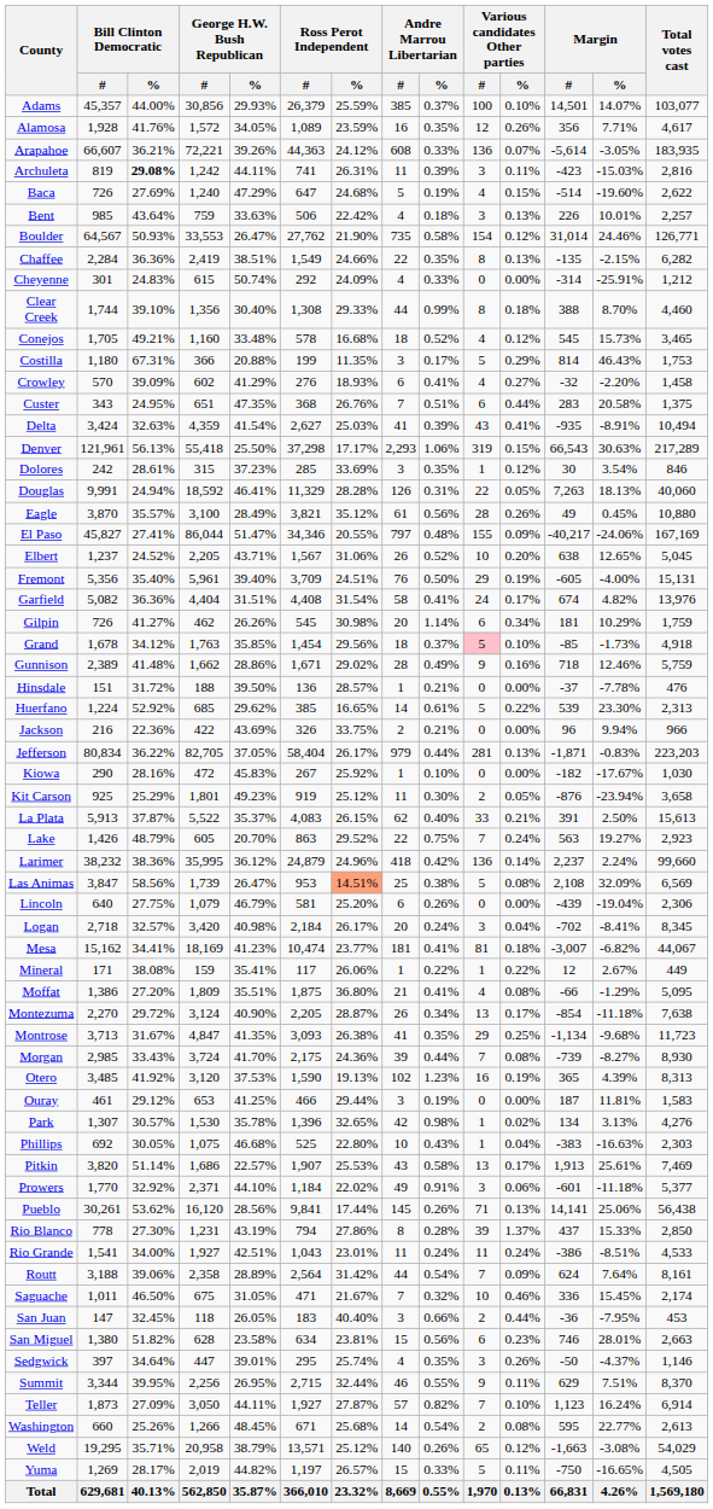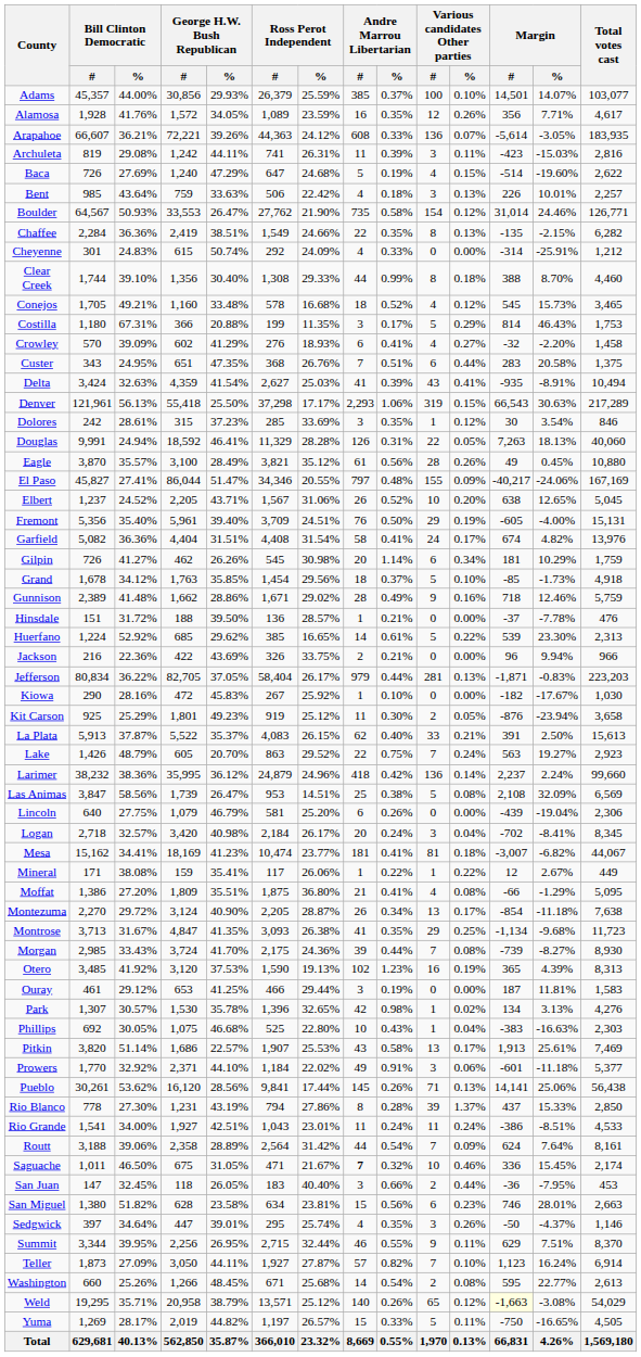 <table width="60%"  class="wikitable sortable" style="text-align:center">
 <tr>
 <th style="text-align:center;" rowspan="2">County</th>
 <th style="text-align:center;" colspan="2">Bill Clinton<br>Democratic</th>
 <th style="text-align:center;" colspan="2">George H.W. Bush<br>Republican</th>
 <th style="text-align:center;" colspan="2">Ross Perot<br>Independent</th>
 <th style="text-align:center;" colspan="2">Andre Marrou<br>Libertarian</th>
 <th style="text-align:center;" colspan="2">Various candidates<br>Other parties</th>
 <th style="text-align:center;" colspan="2">Margin</th>
 <th style="text-align:center;" rowspan="2">Total votes cast</th>
 </tr>
 <tr>
 <th data-sort-type="number">#</th>
 <th data-sort-type="number">%</th>
 <th data-sort-type="number">#</th>
 <th data-sort-type="number">%</th>
 <th data-sort-type="number">#</th>
 <th data-sort-type="number">%</th>
 <th data-sort-type="number">#</th>
 <th data-sort-type="number">%</th>
 <th data-sort-type="number">#</th>
 <th data-sort-type="number">%</th>
 <th data-sort-type="number">#</th>
 <th data-sort-type="number">%</th>
 </tr>
 <tr style="text-align:center;">
 <td><a href='#'>Adams</a></td>
 <td>45,357</td>
 <td>44.00%</td>
 <td>30,856</td>
 <td>29.93%</td>
 <td>26,379</td>
 <td>25.59%</td>
 <td>385</td>
 <td>0.37%</td>
 <td>100</td>
 <td>0.10%</td>
 <td>14,501</td>
 <td>14.07%</td>
 <td>103,077</td>
 </tr>
 <tr style="text-align:center;">
 <td><a href='#'>Alamosa</a></td>
 <td>1,928</td>
 <td>41.76%</td>
 <td>1,572</td>
 <td>34.05%</td>
 <td>1,089</td>
 <td>23.59%</td>
 <td>16</td>
 <td>0.35%</td>
 <td>12</td>
 <td>0.26%</td>
 <td>356</td>
 <td>7.71%</td>
 <td>4,617</td>
 </tr>
 <tr style="text-align:center;">
 <td><a href='#'>Arapahoe</a></td>
 <td>66,607</td>
 <td>36.21%</td>
 <td>72,221</td>
 <td>39.26%</td>
 <td>44,363</td>
 <td>24.12%</td>
 <td>608</td>
 <td>0.33%</td>
 <td>136</td>
 <td>0.07%</td>
 <td>-5,614</td>
 <td>-3.05%</td>
 <td>183,935</td>
 </tr>
 <tr style="text-align:center;">
 <td><a href='#'>Archuleta</a></td>
 <td>819</td>
-<td><strong>29.08%</strong></td>
+<td>29.08%</td>
 <td>1,242</td>
 <td>44.11%</td>
 <td>741</td>
 <td>26.31%</td>
 <td>11</td>
 <td>0.39%</td>
 <td>3</td>
 <td>0.11%</td>
 <td>-423</td>
 <td>-15.03%</td>
 <td>2,816</td>
 </tr>
 <tr style="text-align:center;">
 <td><a href='#'>Baca</a></td>
 <td>726</td>
 <td>27.69%</td>
 <td>1,240</td>
 <td>47.29%</td>
 <td>647</td>
 <td>24.68%</td>
 <td>5</td>
 <td>0.19%</td>
 <td>4</td>
 <td>0.15%</td>
 <td>-514</td>
 <td>-19.60%</td>
 <td>2,622</td>
 </tr>
 <tr style="text-align:center;">
 <td><a href='#'>Bent</a></td>
 <td>985</td>
 <td>43.64%</td>
 <td>759</td>
 <td>33.63%</td>
 <td>506</td>
 <td>22.42%</td>
 <td>4</td>
 <td>0.18%</td>
 <td>3</td>
 <td>0.13%</td>
 <td>226</td>
 <td>10.01%</td>
 <td>2,257</td>
 </tr>
 <tr style="text-align:center;">
 <td><a href='#'>Boulder</a></td>
 <td>64,567</td>
 <td>50.93%</td>
 <td>33,553</td>
 <td>26.47%</td>
 <td>27,762</td>
 <td>21.90%</td>
 <td>735</td>
 <td>0.58%</td>
 <td>154</td>
 <td>0.12%</td>
 <td>31,014</td>
 <td>24.46%</td>
 <td>126,771</td>
 </tr>
 <tr style="text-align:center;">
 <td><a href='#'>Chaffee</a></td>
 <td>2,284</td>
 <td>36.36%</td>
 <td>2,419</td>
 <td>38.51%</td>
 <td>1,549</td>
 <td>24.66%</td>
 <td>22</td>
 <td>0.35%</td>
 <td>8</td>
 <td>0.13%</td>
 <td>-135</td>
 <td>-2.15%</td>
 <td>6,282</td>
 </tr>
 <tr style="text-align:center;">
 <td><a href='#'>Cheyenne</a></td>
 <td>301</td>
 <td>24.83%</td>
 <td>615</td>
 <td>50.74%</td>
 <td>292</td>
 <td>24.09%</td>
 <td>4</td>
 <td>0.33%</td>
 <td>0</td>
 <td>0.00%</td>
 <td>-314</td>
 <td>-25.91%</td>
 <td>1,212</td>
 </tr>
 <tr style="text-align:center;">
 <td><a href='#'>Clear Creek</a></td>
 <td>1,744</td>
 <td>39.10%</td>
 <td>1,356</td>
 <td>30.40%</td>
 <td>1,308</td>
 <td>29.33%</td>
 <td>44</td>
 <td>0.99%</td>
 <td>8</td>
 <td>0.18%</td>
 <td>388</td>
 <td>8.70%</td>
 <td>4,460</td>
 </tr>
 <tr style="text-align:center;">
 <td><a href='#'>Conejos</a></td>
 <td>1,705</td>
 <td>49.21%</td>
 <td>1,160</td>
 <td>33.48%</td>
 <td>578</td>
 <td>16.68%</td>
 <td>18</td>
 <td>0.52%</td>
 <td>4</td>
 <td>0.12%</td>
 <td>545</td>
 <td>15.73%</td>
 <td>3,465</td>
 </tr>
 <tr style="text-align:center;">
 <td><a href='#'>Costilla</a></td>
 <td>1,180</td>
 <td>67.31%</td>
 <td>366</td>
 <td>20.88%</td>
 <td>199</td>
 <td>11.35%</td>
 <td>3</td>
 <td>0.17%</td>
 <td>5</td>
 <td>0.29%</td>
 <td>814</td>
 <td>46.43%</td>
 <td>1,753</td>
 </tr>
 <tr style="text-align:center;">
 <td><a href='#'>Crowley</a></td>
 <td>570</td>
 <td>39.09%</td>
 <td>602</td>
 <td>41.29%</td>
 <td>276</td>
 <td>18.93%</td>
 <td>6</td>
 <td>0.41%</td>
 <td>4</td>
 <td>0.27%</td>
 <td>-32</td>
 <td>-2.20%</td>
 <td>1,458</td>
 </tr>
 <tr style="text-align:center;">
 <td><a href='#'>Custer</a></td>
 <td>343</td>
 <td>24.95%</td>
 <td>651</td>
 <td>47.35%</td>
 <td>368</td>
 <td>26.76%</td>
 <td>7</td>
 <td>0.51%</td>
 <td>6</td>
 <td>0.44%</td>
 <td>283</td>
 <td>20.58%</td>
 <td>1,375</td>
 </tr>
 <tr style="text-align:center;">
 <td><a href='#'>Delta</a></td>
 <td>3,424</td>
 <td>32.63%</td>
 <td>4,359</td>
 <td>41.54%</td>
 <td>2,627</td>
 <td>25.03%</td>
 <td>41</td>
 <td>0.39%</td>
 <td>43</td>
 <td>0.41%</td>
 <td>-935</td>
 <td>-8.91%</td>
 <td>10,494</td>
 </tr>
 <tr style="text-align:center;">
 <td><a href='#'>Denver</a></td>
 <td>121,961</td>
 <td>56.13%</td>
 <td>55,418</td>
 <td>25.50%</td>
 <td>37,298</td>
 <td>17.17%</td>
 <td>2,293</td>
 <td>1.06%</td>
 <td>319</td>
 <td>0.15%</td>
 <td>66,543</td>
 <td>30.63%</td>
 <td>217,289</td>
 </tr>
 <tr style="text-align:center;">
 <td><a href='#'>Dolores</a></td>
 <td>242</td>
 <td>28.61%</td>
 <td>315</td>
 <td>37.23%</td>
 <td>285</td>
 <td>33.69%</td>
 <td>3</td>
 <td>0.35%</td>
 <td>1</td>
 <td>0.12%</td>
 <td>30</td>
 <td>3.54%</td>
 <td>846</td>
 </tr>
 <tr style="text-align:center;">
 <td><a href='#'>Douglas</a></td>
 <td>9,991</td>
 <td>24.94%</td>
 <td>18,592</td>
 <td>46.41%</td>
 <td>11,329</td>
 <td>28.28%</td>
 <td>126</td>
 <td>0.31%</td>
 <td>22</td>
 <td>0.05%</td>
 <td>7,263</td>
 <td>18.13%</td>
 <td>40,060</td>
 </tr>
 <tr style="text-align:center;">
 <td><a href='#'>Eagle</a></td>
 <td>3,870</td>
 <td>35.57%</td>
 <td>3,100</td>
 <td>28.49%</td>
 <td>3,821</td>
 <td>35.12%</td>
 <td>61</td>
 <td>0.56%</td>
 <td>28</td>
 <td>0.26%</td>
 <td>49</td>
 <td>0.45%</td>
 <td>10,880</td>
 </tr>
 <tr style="text-align:center;">
 <td><a href='#'>El Paso</a></td>
 <td>45,827</td>
 <td>27.41%</td>
 <td>86,044</td>
 <td>51.47%</td>
 <td>34,346</td>
 <td>20.55%</td>
 <td>797</td>
 <td>0.48%</td>
 <td>155</td>
 <td>0.09%</td>
 <td>-40,217</td>
 <td>-24.06%</td>
 <td>167,169</td>
 </tr>
 <tr style="text-align:center;">
 <td><a href='#'>Elbert</a></td>
 <td>1,237</td>
 <td>24.52%</td>
 <td>2,205</td>
 <td>43.71%</td>
 <td>1,567</td>
 <td>31.06%</td>
 <td>26</td>
 <td>0.52%</td>
 <td>10</td>
 <td>0.20%</td>
 <td>638</td>
 <td>12.65%</td>
 <td>5,045</td>
 </tr>
 <tr style="text-align:center;">
 <td><a href='#'>Fremont</a></td>
 <td>5,356</td>
 <td>35.40%</td>
 <td>5,961</td>
 <td>39.40%</td>
 <td>3,709</td>
 <td>24.51%</td>
 <td>76</td>
 <td>0.50%</td>
 <td>29</td>
 <td>0.19%</td>
 <td>-605</td>
 <td>-4.00%</td>
 <td>15,131</td>
 </tr>
 <tr style="text-align:center;">
 <td><a href='#'>Garfield</a></td>
 <td>5,082</td>
 <td>36.36%</td>
 <td>4,404</td>
 <td>31.51%</td>
 <td>4,408</td>
 <td>31.54%</td>
 <td>58</td>
 <td>0.41%</td>
 <td>24</td>
 <td>0.17%</td>
 <td>674</td>
 <td>4.82%</td>
 <td>13,976</td>
 </tr>
 <tr style="text-align:center;">
 <td><a href='#'>Gilpin</a></td>
 <td>726</td>
 <td>41.27%</td>
 <td>462</td>
 <td>26.26%</td>
 <td>545</td>
 <td>30.98%</td>
 <td>20</td>
 <td>1.14%</td>
 <td>6</td>
 <td>0.34%</td>
 <td>181</td>
 <td>10.29%</td>
 <td>1,759</td>
 </tr>
 <tr style="text-align:center;">
 <td><a href='#'>Grand</a></td>
 <td>1,678</td>
 <td>34.12%</td>
 <td>1,763</td>
 <td>35.85%</td>
 <td>1,454</td>
 <td>29.56%</td>
 <td>18</td>
 <td>0.37%</td>
-<td style="background: pink;">5</td>
+<td>5</td>
 <td>0.10%</td>
 <td>-85</td>
 <td>-1.73%</td>
 <td>4,918</td>
 </tr>
 <tr style="text-align:center;">
 <td><a href='#'>Gunnison</a></td>
 <td>2,389</td>
 <td>41.48%</td>
 <td>1,662</td>
 <td>28.86%</td>
 <td>1,671</td>
 <td>29.02%</td>
 <td>28</td>
 <td>0.49%</td>
 <td>9</td>
 <td>0.16%</td>
 <td>718</td>
 <td>12.46%</td>
 <td>5,759</td>
 </tr>
 <tr style="text-align:center;">
 <td><a href='#'>Hinsdale</a></td>
 <td>151</td>
 <td>31.72%</td>
 <td>188</td>
 <td>39.50%</td>
 <td>136</td>
 <td>28.57%</td>
 <td>1</td>
 <td>0.21%</td>
 <td>0</td>
 <td>0.00%</td>
 <td>-37</td>
 <td>-7.78%</td>
 <td>476</td>
 </tr>
 <tr style="text-align:center;">
 <td><a href='#'>Huerfano</a></td>
 <td>1,224</td>
 <td>52.92%</td>
 <td>685</td>
 <td>29.62%</td>
 <td>385</td>
 <td>16.65%</td>
 <td>14</td>
 <td>0.61%</td>
 <td>5</td>
 <td>0.22%</td>
 <td>539</td>
 <td>23.30%</td>
 <td>2,313</td>
 </tr>
 <tr style="text-align:center;">
 <td><a href='#'>Jackson</a></td>
 <td>216</td>
 <td>22.36%</td>
 <td>422</td>
 <td>43.69%</td>
 <td>326</td>
 <td>33.75%</td>
 <td>2</td>
 <td>0.21%</td>
 <td>0</td>
 <td>0.00%</td>
 <td>96</td>
 <td>9.94%</td>
 <td>966</td>
 </tr>
 <tr style="text-align:center;">
 <td><a href='#'>Jefferson</a></td>
 <td>80,834</td>
 <td>36.22%</td>
 <td>82,705</td>
 <td>37.05%</td>
 <td>58,404</td>
 <td>26.17%</td>
 <td>979</td>
 <td>0.44%</td>
 <td>281</td>
 <td>0.13%</td>
 <td>-1,871</td>
 <td>-0.83%</td>
 <td>223,203</td>
 </tr>
 <tr style="text-align:center;">
 <td><a href='#'>Kiowa</a></td>
 <td>290</td>
 <td>28.16%</td>
 <td>472</td>
 <td>45.83%</td>
 <td>267</td>
 <td>25.92%</td>
 <td>1</td>
 <td>0.10%</td>
 <td>0</td>
 <td>0.00%</td>
 <td>-182</td>
 <td>-17.67%</td>
 <td>1,030</td>
 </tr>
 <tr style="text-align:center;">
 <td><a href='#'>Kit Carson</a></td>
 <td>925</td>
 <td>25.29%</td>
 <td>1,801</td>
 <td>49.23%</td>
 <td>919</td>
 <td>25.12%</td>
 <td>11</td>
 <td>0.30%</td>
 <td>2</td>
 <td>0.05%</td>
 <td>-876</td>
 <td>-23.94%</td>
 <td>3,658</td>
 </tr>
 <tr style="text-align:center;">
 <td><a href='#'>La Plata</a></td>
 <td>5,913</td>
 <td>37.87%</td>
 <td>5,522</td>
 <td>35.37%</td>
 <td>4,083</td>
 <td>26.15%</td>
 <td>62</td>
 <td>0.40%</td>
 <td>33</td>
 <td>0.21%</td>
 <td>391</td>
 <td>2.50%</td>
 <td>15,613</td>
 </tr>
 <tr style="text-align:center;">
 <td><a href='#'>Lake</a></td>
 <td>1,426</td>
 <td>48.79%</td>
 <td>605</td>
 <td>20.70%</td>
 <td>863</td>
 <td>29.52%</td>
 <td>22</td>
 <td>0.75%</td>
 <td>7</td>
 <td>0.24%</td>
 <td>563</td>
 <td>19.27%</td>
 <td>2,923</td>
 </tr>
 <tr style="text-align:center;">
 <td><a href='#'>Larimer</a></td>
 <td>38,232</td>
 <td>38.36%</td>
 <td>35,995</td>
 <td>36.12%</td>
 <td>24,879</td>
 <td>24.96%</td>
 <td>418</td>
 <td>0.42%</td>
 <td>136</td>
 <td>0.14%</td>
 <td>2,237</td>
 <td>2.24%</td>
 <td>99,660</td>
 </tr>
 <tr style="text-align:center;">
 <td><a href='#'>Las Animas</a></td>
 <td>3,847</td>
 <td>58.56%</td>
 <td>1,739</td>
 <td>26.47%</td>
 <td>953</td>
-<td style="background: lightsalmon;">14.51%</td>
+<td>14.51%</td>
 <td>25</td>
 <td>0.38%</td>
 <td>5</td>
 <td>0.08%</td>
 <td>2,108</td>
 <td>32.09%</td>
 <td>6,569</td>
 </tr>
 <tr style="text-align:center;">
 <td><a href='#'>Lincoln</a></td>
 <td>640</td>
 <td>27.75%</td>
 <td>1,079</td>
 <td>46.79%</td>
 <td>581</td>
 <td>25.20%</td>
 <td>6</td>
 <td>0.26%</td>
 <td>0</td>
 <td>0.00%</td>
 <td>-439</td>
 <td>-19.04%</td>
 <td>2,306</td>
 </tr>
 <tr style="text-align:center;">
 <td><a href='#'>Logan</a></td>
 <td>2,718</td>
 <td>32.57%</td>
 <td>3,420</td>
 <td>40.98%</td>
 <td>2,184</td>
 <td>26.17%</td>
 <td>20</td>
 <td>0.24%</td>
 <td>3</td>
 <td>0.04%</td>
 <td>-702</td>
 <td>-8.41%</td>
 <td>8,345</td>
 </tr>
 <tr style="text-align:center;">
 <td><a href='#'>Mesa</a></td>
 <td>15,162</td>
 <td>34.41%</td>
 <td>18,169</td>
 <td>41.23%</td>
 <td>10,474</td>
 <td>23.77%</td>
 <td>181</td>
 <td>0.41%</td>
 <td>81</td>
 <td>0.18%</td>
 <td>-3,007</td>
 <td>-6.82%</td>
 <td>44,067</td>
 </tr>
 <tr style="text-align:center;">
 <td><a href='#'>Mineral</a></td>
 <td>171</td>
 <td>38.08%</td>
 <td>159</td>
 <td>35.41%</td>
 <td>117</td>
 <td>26.06%</td>
 <td>1</td>
 <td>0.22%</td>
 <td>1</td>
 <td>0.22%</td>
 <td>12</td>
 <td>2.67%</td>
 <td>449</td>
 </tr>
 <tr style="text-align:center;">
 <td><a href='#'>Moffat</a></td>
 <td>1,386</td>
 <td>27.20%</td>
 <td>1,809</td>
 <td>35.51%</td>
 <td>1,875</td>
 <td>36.80%</td>
 <td>21</td>
 <td>0.41%</td>
 <td>4</td>
 <td>0.08%</td>
 <td>-66</td>
 <td>-1.29%</td>
 <td>5,095</td>
 </tr>
 <tr style="text-align:center;">
 <td><a href='#'>Montezuma</a></td>
 <td>2,270</td>
 <td>29.72%</td>
 <td>3,124</td>
 <td>40.90%</td>
 <td>2,205</td>
 <td>28.87%</td>
 <td>26</td>
 <td>0.34%</td>
 <td>13</td>
 <td>0.17%</td>
 <td>-854</td>
 <td>-11.18%</td>
 <td>7,638</td>
 </tr>
 <tr style="text-align:center;">
 <td><a href='#'>Montrose</a></td>
 <td>3,713</td>
 <td>31.67%</td>
 <td>4,847</td>
 <td>41.35%</td>
 <td>3,093</td>
 <td>26.38%</td>
 <td>41</td>
 <td>0.35%</td>
 <td>29</td>
 <td>0.25%</td>
 <td>-1,134</td>
 <td>-9.68%</td>
 <td>11,723</td>
 </tr>
 <tr style="text-align:center;">
 <td><a href='#'>Morgan</a></td>
 <td>2,985</td>
 <td>33.43%</td>
 <td>3,724</td>
 <td>41.70%</td>
 <td>2,175</td>
 <td>24.36%</td>
 <td>39</td>
 <td>0.44%</td>
 <td>7</td>
 <td>0.08%</td>
 <td>-739</td>
 <td>-8.27%</td>
 <td>8,930</td>
 </tr>
 <tr style="text-align:center;">
 <td><a href='#'>Otero</a></td>
 <td>3,485</td>
 <td>41.92%</td>
 <td>3,120</td>
 <td>37.53%</td>
 <td>1,590</td>
 <td>19.13%</td>
 <td>102</td>
 <td>1.23%</td>
 <td>16</td>
 <td>0.19%</td>
 <td>365</td>
 <td>4.39%</td>
 <td>8,313</td>
 </tr>
 <tr style="text-align:center;">
 <td><a href='#'>Ouray</a></td>
 <td>461</td>
 <td>29.12%</td>
 <td>653</td>
 <td>41.25%</td>
 <td>466</td>
 <td>29.44%</td>
 <td>3</td>
 <td>0.19%</td>
 <td>0</td>
 <td>0.00%</td>
 <td>187</td>
 <td>11.81%</td>
 <td>1,583</td>
 </tr>
 <tr style="text-align:center;">
 <td><a href='#'>Park</a></td>
 <td>1,307</td>
 <td>30.57%</td>
 <td>1,530</td>
 <td>35.78%</td>
 <td>1,396</td>
 <td>32.65%</td>
 <td>42</td>
 <td>0.98%</td>
 <td>1</td>
 <td>0.02%</td>
 <td>134</td>
 <td>3.13%</td>
 <td>4,276</td>
 </tr>
 <tr style="text-align:center;">
 <td><a href='#'>Phillips</a></td>
 <td>692</td>
 <td>30.05%</td>
 <td>1,075</td>
 <td>46.68%</td>
 <td>525</td>
 <td>22.80%</td>
 <td>10</td>
 <td>0.43%</td>
 <td>1</td>
 <td>0.04%</td>
 <td>-383</td>
 <td>-16.63%</td>
 <td>2,303</td>
 </tr>
 <tr style="text-align:center;">
 <td><a href='#'>Pitkin</a></td>
 <td>3,820</td>
 <td>51.14%</td>
 <td>1,686</td>
 <td>22.57%</td>
 <td>1,907</td>
 <td>25.53%</td>
 <td>43</td>
 <td>0.58%</td>
 <td>13</td>
 <td>0.17%</td>
 <td>1,913</td>
 <td>25.61%</td>
 <td>7,469</td>
 </tr>
 <tr style="text-align:center;">
 <td><a href='#'>Prowers</a></td>
 <td>1,770</td>
 <td>32.92%</td>
 <td>2,371</td>
 <td>44.10%</td>
 <td>1,184</td>
 <td>22.02%</td>
 <td>49</td>
 <td>0.91%</td>
 <td>3</td>
 <td>0.06%</td>
 <td>-601</td>
 <td>-11.18%</td>
 <td>5,377</td>
 </tr>
 <tr style="text-align:center;">
 <td><a href='#'>Pueblo</a></td>
 <td>30,261</td>
 <td>53.62%</td>
 <td>16,120</td>
 <td>28.56%</td>
 <td>9,841</td>
 <td>17.44%</td>
 <td>145</td>
 <td>0.26%</td>
 <td>71</td>
 <td>0.13%</td>
 <td>14,141</td>
 <td>25.06%</td>
 <td>56,438</td>
 </tr>
 <tr style="text-align:center;">
 <td><a href='#'>Rio Blanco</a></td>
 <td>778</td>
 <td>27.30%</td>
 <td>1,231</td>
 <td>43.19%</td>
 <td>794</td>
 <td>27.86%</td>
 <td>8</td>
 <td>0.28%</td>
 <td>39</td>
 <td>1.37%</td>
 <td>437</td>
 <td>15.33%</td>
 <td>2,850</td>
 </tr>
 <tr style="text-align:center;">
 <td><a href='#'>Rio Grande</a></td>
 <td>1,541</td>
 <td>34.00%</td>
 <td>1,927</td>
 <td>42.51%</td>
 <td>1,043</td>
 <td>23.01%</td>
 <td>11</td>
 <td>0.24%</td>
 <td>11</td>
 <td>0.24%</td>
 <td>-386</td>
 <td>-8.51%</td>
 <td>4,533</td>
 </tr>
 <tr style="text-align:center;">
 <td><a href='#'>Routt</a></td>
 <td>3,188</td>
 <td>39.06%</td>
 <td>2,358</td>
 <td>28.89%</td>
 <td>2,564</td>
 <td>31.42%</td>
 <td>44</td>
 <td>0.54%</td>
 <td>7</td>
 <td>0.09%</td>
 <td>624</td>
 <td>7.64%</td>
 <td>8,161</td>
 </tr>
 <tr style="text-align:center;">
 <td><a href='#'>Saguache</a></td>
 <td>1,011</td>
 <td>46.50%</td>
 <td>675</td>
 <td>31.05%</td>
 <td>471</td>
 <td>21.67%</td>
-<td>7</td>
+<td><strong>7</strong></td>
 <td>0.32%</td>
 <td>10</td>
 <td>0.46%</td>
 <td>336</td>
 <td>15.45%</td>
 <td>2,174</td>
 </tr>
 <tr style="text-align:center;">
 <td><a href='#'>San Juan</a></td>
 <td>147</td>
 <td>32.45%</td>
 <td>118</td>
 <td>26.05%</td>
 <td>183</td>
 <td>40.40%</td>
 <td>3</td>
 <td>0.66%</td>
 <td>2</td>
 <td>0.44%</td>
 <td>-36</td>
 <td>-7.95%</td>
 <td>453</td>
 </tr>
 <tr style="text-align:center;">
 <td><a href='#'>San Miguel</a></td>
 <td>1,380</td>
 <td>51.82%</td>
 <td>628</td>
 <td>23.58%</td>
 <td>634</td>
 <td>23.81%</td>
 <td>15</td>
 <td>0.56%</td>
 <td>6</td>
 <td>0.23%</td>
 <td>746</td>
 <td>28.01%</td>
 <td>2,663</td>
 </tr>
 <tr style="text-align:center;">
 <td><a href='#'>Sedgwick</a></td>
 <td>397</td>
 <td>34.64%</td>
 <td>447</td>
 <td>39.01%</td>
 <td>295</td>
 <td>25.74%</td>
 <td>4</td>
 <td>0.35%</td>
 <td>3</td>
 <td>0.26%</td>
 <td>-50</td>
 <td>-4.37%</td>
 <td>1,146</td>
 </tr>
 <tr style="text-align:center;">
 <td><a href='#'>Summit</a></td>
 <td>3,344</td>
 <td>39.95%</td>
 <td>2,256</td>
 <td>26.95%</td>
 <td>2,715</td>
 <td>32.44%</td>
 <td>46</td>
 <td>0.55%</td>
 <td>9</td>
 <td>0.11%</td>
 <td>629</td>
 <td>7.51%</td>
 <td>8,370</td>
 </tr>
 <tr style="text-align:center;">
 <td><a href='#'>Teller</a></td>
 <td>1,873</td>
 <td>27.09%</td>
 <td>3,050</td>
 <td>44.11%</td>
 <td>1,927</td>
 <td>27.87%</td>
 <td>57</td>
 <td>0.82%</td>
 <td>7</td>
 <td>0.10%</td>
 <td>1,123</td>
 <td>16.24%</td>
 <td>6,914</td>
 </tr>
 <tr style="text-align:center;">
 <td><a href='#'>Washington</a></td>
 <td>660</td>
 <td>25.26%</td>
 <td>1,266</td>
 <td>48.45%</td>
 <td>671</td>
 <td>25.68%</td>
 <td>14</td>
 <td>0.54%</td>
 <td>2</td>
 <td>0.08%</td>
 <td>595</td>
 <td>22.77%</td>
 <td>2,613</td>
 </tr>
 <tr style="text-align:center;">
 <td><a href='#'>Weld</a></td>
 <td>19,295</td>
 <td>35.71%</td>
 <td>20,958</td>
 <td>38.79%</td>
 <td>13,571</td>
 <td>25.12%</td>
 <td>140</td>
 <td>0.26%</td>
 <td>65</td>
 <td>0.12%</td>
-<td>-1,663</td>
+<td style="background: lightyellow;">-1,663</td>
 <td>-3.08%</td>
 <td>54,029</td>
 </tr>
 <tr style="text-align:center;">
 <td><a href='#'>Yuma</a></td>
 <td>1,269</td>
 <td>28.17%</td>
 <td>2,019</td>
 <td>44.82%</td>
 <td>1,197</td>
 <td>26.57%</td>
 <td>15</td>
 <td>0.33%</td>
 <td>5</td>
 <td>0.11%</td>
 <td>-750</td>
 <td>-16.65%</td>
 <td>4,505</td>
 </tr>
 <tr>
 <th>Total</th>
 <th>629,681</th>
 <th>40.13%</th>
 <th>562,850</th>
 <th>35.87%</th>
 <th>366,010</th>
 <th>23.32%</th>
 <th>8,669</th>
 <th>0.55%</th>
 <th>1,970</th>
 <th>0.13%</th>
 <th>66,831</th>
 <th>4.26%</th>
 <th>1,569,180</th>
 </tr>
 </table>
